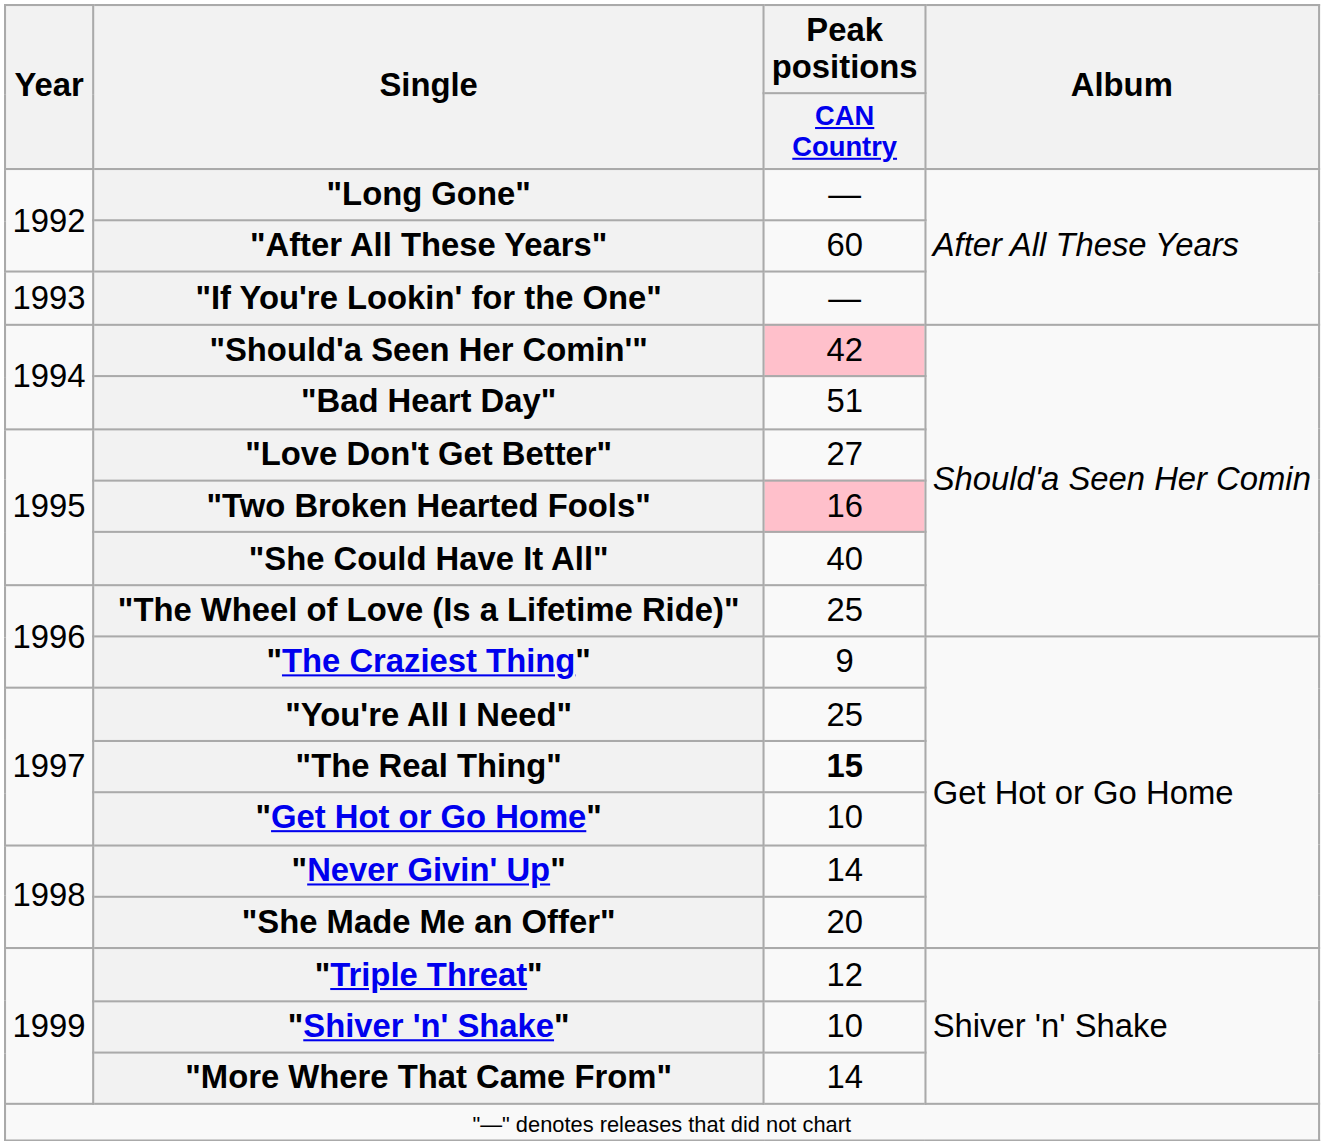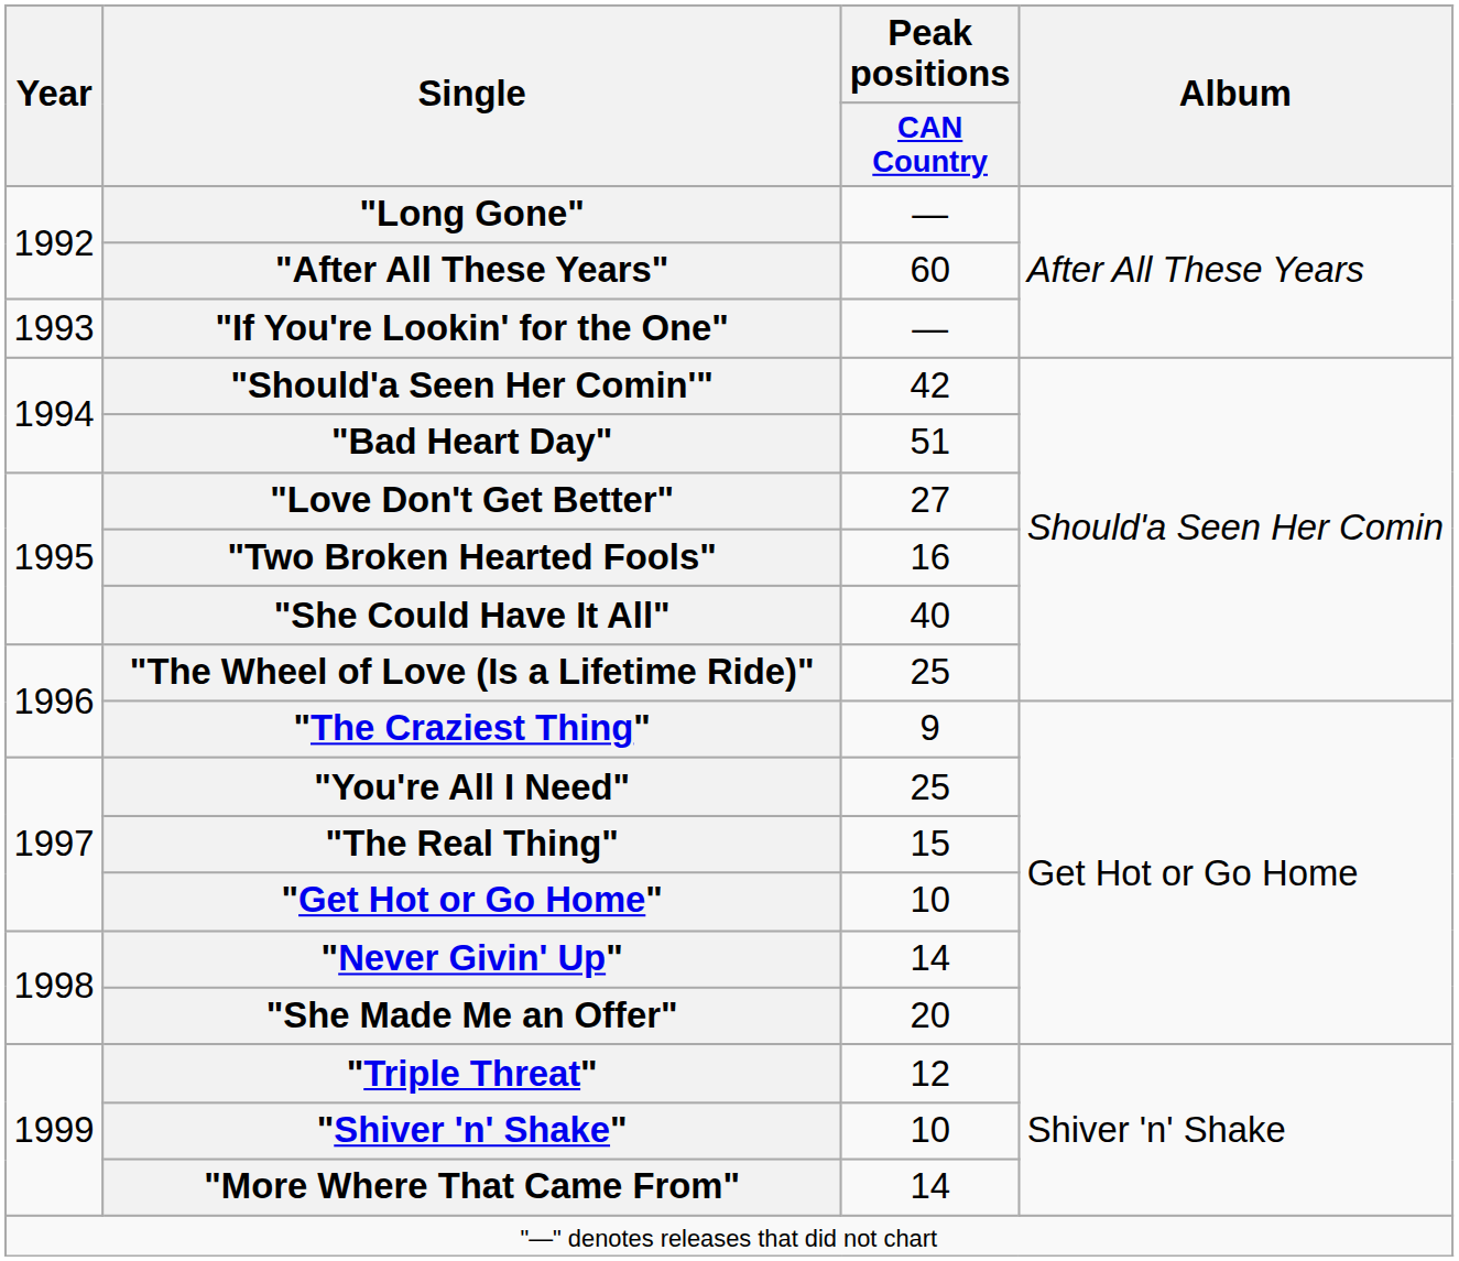 <table class="wikitable plainrowheaders" style="text-align:center;">
 <tr>
 <th rowspan="2">Year</th>
 <th rowspan="2" style="width:20em;">Single</th>
 <th>Peak positions</th>
 <th rowspan="2">Album</th>
 </tr>
 <tr style="font-size:smaller;">
 <th width="65"><a href='#'>CAN Country</a><br></th>
 </tr>
 <tr>
 <td rowspan="2">1992</td>
 <th scope="row">"Long Gone"</th>
 <td>—</td>
 <td align="left" rowspan="3"><em>After All These Years</em></td>
 </tr>
 <tr>
 <th scope="row">"After All These Years"</th>
 <td>60</td>
 </tr>
 <tr>
 <td>1993</td>
 <th scope="row">"If You're Lookin' for the One"</th>
 <td>—</td>
 </tr>
 <tr>
 <td rowspan="2">1994</td>
 <th scope="row">"Should'a Seen Her Comin'"</th>
-<td style="background: pink;">42</td>
+<td>42</td>
 <td align="left" rowspan="6"><em>Should'a Seen Her Comin<strong></td>
 </tr>
 <tr>
 <th scope="row">"Bad Heart Day"</th>
 <td>51</td>
 </tr>
 <tr>
 <td rowspan="3">1995</td>
 <th scope="row">"Love Don't Get Better"</th>
 <td>27</td>
 </tr>
 <tr>
 <th scope="row">"Two Broken Hearted Fools"</th>
-<td style="background: pink;">16</td>
+<td>16</td>
 </tr>
 <tr>
 <th scope="row">"She Could Have It All"</th>
 <td>40</td>
 </tr>
 <tr>
 <td rowspan="2">1996</td>
 <th scope="row">"The Wheel of Love (Is a Lifetime Ride)"</th>
 <td>25</td>
 </tr>
 <tr>
 <th scope="row">"<a href='#'>The Craziest Thing</a>"</th>
 <td>9</td>
 <td align="left" rowspan="6"></em>Get Hot or Go Home<em></td>
 </tr>
 <tr>
 <td rowspan="3">1997</td>
 <th scope="row">"You're All I Need"</th>
 <td>25</td>
 </tr>
 <tr>
 <th scope="row">"The Real Thing"</th>
-<td><strong>15</strong></td>
+<td>15</td>
 </tr>
 <tr>
 <th scope="row">"<a href='#'>Get Hot or Go Home</a>"</th>
 <td>10</td>
 </tr>
 <tr>
 <td rowspan="2">1998</td>
 <th scope="row">"<a href='#'>Never Givin' Up</a>"</th>
 <td>14</td>
 </tr>
 <tr>
 <th scope="row">"She Made Me an Offer"</th>
 <td>20</td>
 </tr>
 <tr>
 <td rowspan="3">1999</td>
 <th scope="row">"<a href='#'>Triple Threat</a>"</th>
 <td>12</td>
 <td align="left" rowspan="3"></em>Shiver 'n' Shake<em></td>
 </tr>
 <tr>
 <th scope="row">"<a href='#'>Shiver 'n' Shake</a>"</th>
 <td>10</td>
 </tr>
 <tr>
 <th scope="row">"More Where That Came From"</th>
 <td>14</td>
 </tr>
 <tr>
 <td colspan="4" style="font-size:8pt">"—" denotes releases that did not chart</td>
 </tr>
 <tr>
 </tr>
 </table>
